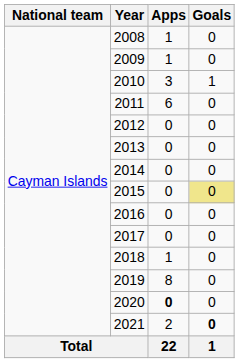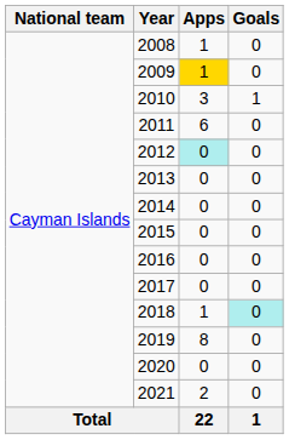 <table class="wikitable" style="text-align:center">
 <tr>
 <th>National team</th>
 <th>Year</th>
 <th>Apps</th>
 <th>Goals</th>
 </tr>
 <tr>
 <td rowspan="14"><a href='#'>Cayman Islands</a></td>
 <td>2008</td>
 <td>1</td>
 <td>0</td>
 </tr>
 <tr>
 <td>2009</td>
-<td>1</td>
+<td style="background: gold;">1</td>
 <td>0</td>
 </tr>
 <tr>
 <td>2010</td>
 <td>3</td>
 <td>1</td>
 </tr>
 <tr>
 <td>2011</td>
 <td>6</td>
 <td>0</td>
 </tr>
 <tr>
 <td>2012</td>
-<td>0</td>
+<td style="background: paleturquoise;">0</td>
 <td>0</td>
 </tr>
 <tr>
 <td>2013</td>
 <td>0</td>
 <td>0</td>
 </tr>
 <tr>
 <td>2014</td>
 <td>0</td>
 <td>0</td>
 </tr>
 <tr>
 <td>2015</td>
 <td>0</td>
-<td style="background: khaki;">0</td>
+<td>0</td>
 </tr>
 <tr>
 <td>2016</td>
 <td>0</td>
 <td>0</td>
 </tr>
 <tr>
 <td>2017</td>
 <td>0</td>
 <td>0</td>
 </tr>
 <tr>
 <td>2018</td>
 <td>1</td>
-<td>0</td>
+<td style="background: paleturquoise;">0</td>
 </tr>
 <tr>
 <td>2019</td>
 <td>8</td>
 <td>0</td>
 </tr>
 <tr>
 <td>2020</td>
-<td><strong>0</strong></td>
+<td>0</td>
 <td>0</td>
 </tr>
 <tr>
 <td>2021</td>
 <td>2</td>
-<td><strong>0</strong></td>
+<td>0</td>
 </tr>
 <tr>
 <th colspan="2">Total</th>
 <th>22</th>
 <th>1</th>
 </tr>
 </table>
